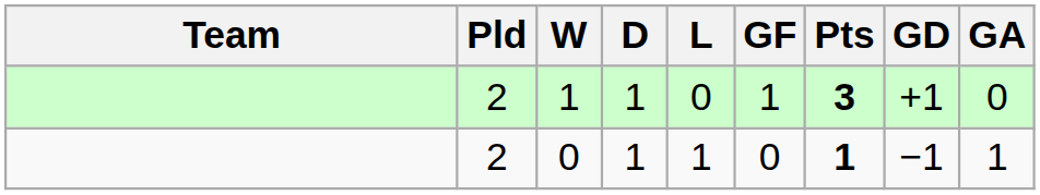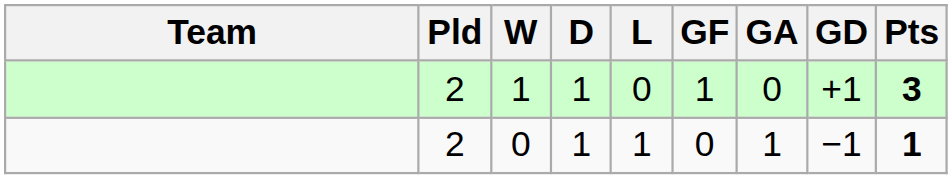 <table class="wikitable" style="text-align:center;">
 <tr>
 <th width=180>Team</th>
 <th width=20>Pld</th>
 <th width=20>W</th>
 <th width=20>D</th>
 <th width=20>L</th>
 <th width=20>GF</th>
+<th width=20>GA</th>
+<th width=20>GD</th>
 <th width=20>Pts</th>
-<th width=20>GD</th>
-<th width=20>GA</th>
 </tr>
 <tr bgcolor="ccffcc">
 <td align="left"></td>
 <td>2</td>
 <td>1</td>
 <td>1</td>
 <td>0</td>
 <td>1</td>
+<td>0</td>
+<td>+1</td>
 <td><strong>3</strong></td>
-<td>+1</td>
-<td>0</td>
 </tr>
 <tr>
 <td align="left"></td>
 <td>2</td>
 <td>0</td>
 <td>1</td>
 <td>1</td>
 <td>0</td>
+<td>1</td>
+<td>−1</td>
 <td><strong>1</strong></td>
-<td>−1</td>
-<td>1</td>
 </tr>
 </table>
